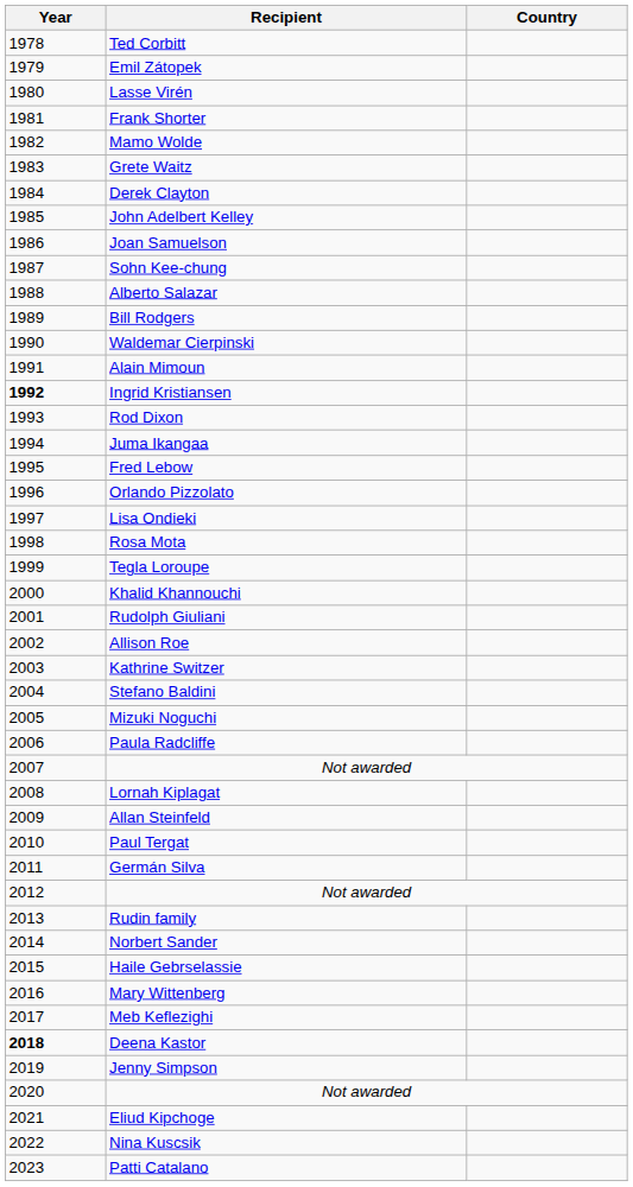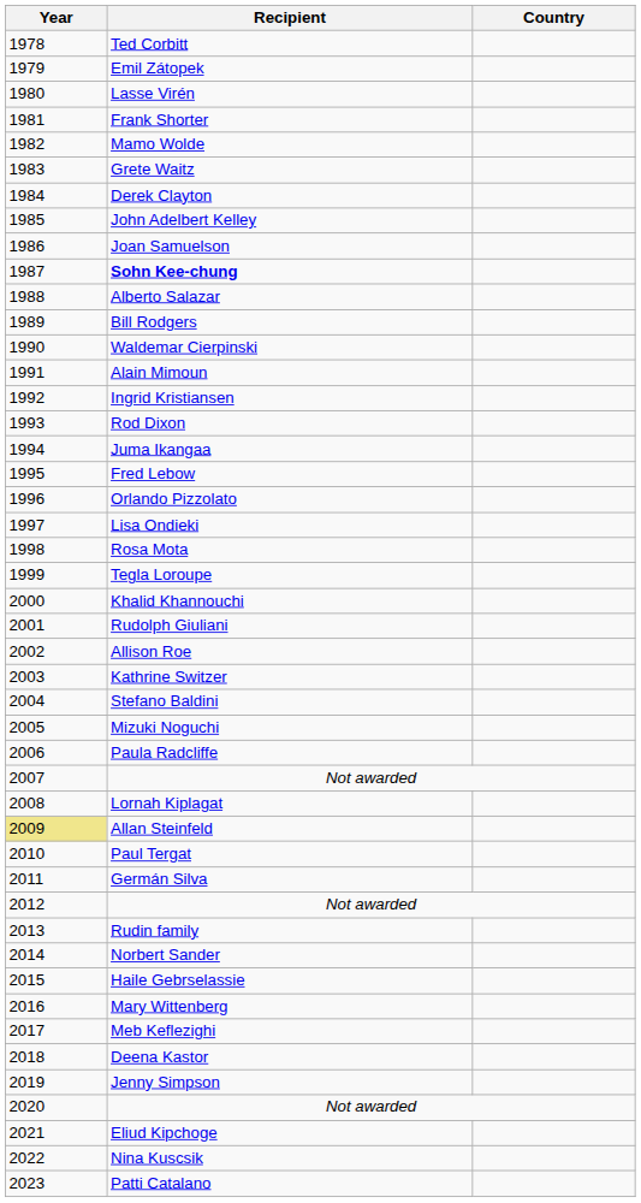 <table class="wikitable" width=50%>
 <tr>
 <th>Year</th>
 <th>Recipient</th>
 <th>Country</th>
 </tr>
 <tr>
 <td>1978</td>
 <td><a href='#'>Ted Corbitt</a></td>
 <td></td>
 </tr>
 <tr>
 <td>1979</td>
 <td><a href='#'>Emil Zátopek</a></td>
 <td></td>
 </tr>
 <tr>
 <td>1980</td>
 <td><a href='#'>Lasse Virén</a></td>
 <td></td>
 </tr>
 <tr>
 <td>1981</td>
 <td><a href='#'>Frank Shorter</a></td>
 <td></td>
 </tr>
 <tr>
 <td>1982</td>
 <td><a href='#'>Mamo Wolde</a></td>
 <td></td>
 </tr>
 <tr>
 <td>1983</td>
 <td><a href='#'>Grete Waitz</a></td>
 <td></td>
 </tr>
 <tr>
 <td>1984</td>
 <td><a href='#'>Derek Clayton</a></td>
 <td></td>
 </tr>
 <tr>
 <td>1985</td>
 <td><a href='#'>John Adelbert Kelley</a></td>
 <td></td>
 </tr>
 <tr>
 <td>1986</td>
 <td><a href='#'>Joan Samuelson</a></td>
 <td></td>
 </tr>
 <tr>
 <td>1987</td>
-<td><a href='#'>Sohn Kee-chung</a></td>
+<td><strong><a href='#'>Sohn Kee-chung</a></strong></td>
 <td></td>
 </tr>
 <tr>
 <td>1988</td>
 <td><a href='#'>Alberto Salazar</a></td>
 <td></td>
 </tr>
 <tr>
 <td>1989</td>
 <td><a href='#'>Bill Rodgers</a></td>
 <td></td>
 </tr>
 <tr>
 <td>1990</td>
 <td><a href='#'>Waldemar Cierpinski</a></td>
 <td></td>
 </tr>
 <tr>
 <td>1991</td>
 <td><a href='#'>Alain Mimoun</a></td>
 <td></td>
 </tr>
 <tr>
-<td><strong>1992</strong></td>
+<td>1992</td>
 <td><a href='#'>Ingrid Kristiansen</a></td>
 <td></td>
 </tr>
 <tr>
 <td>1993</td>
 <td><a href='#'>Rod Dixon</a></td>
 <td></td>
 </tr>
 <tr>
 <td>1994</td>
 <td><a href='#'>Juma Ikangaa</a></td>
 <td></td>
 </tr>
 <tr>
 <td>1995</td>
 <td><a href='#'>Fred Lebow</a></td>
 <td></td>
 </tr>
 <tr>
 <td>1996</td>
 <td><a href='#'>Orlando Pizzolato</a></td>
 <td></td>
 </tr>
 <tr>
 <td>1997</td>
 <td><a href='#'>Lisa Ondieki</a></td>
 <td></td>
 </tr>
 <tr>
 <td>1998</td>
 <td><a href='#'>Rosa Mota</a></td>
 <td></td>
 </tr>
 <tr>
 <td>1999</td>
 <td><a href='#'>Tegla Loroupe</a></td>
 <td></td>
 </tr>
 <tr>
 <td>2000</td>
 <td><a href='#'>Khalid Khannouchi</a></td>
 <td></td>
 </tr>
 <tr>
 <td>2001</td>
 <td><a href='#'>Rudolph Giuliani</a></td>
 <td></td>
 </tr>
 <tr>
 <td>2002</td>
 <td><a href='#'>Allison Roe</a></td>
 <td></td>
 </tr>
 <tr>
 <td>2003</td>
 <td><a href='#'>Kathrine Switzer</a></td>
 <td></td>
 </tr>
 <tr>
 <td>2004</td>
 <td><a href='#'>Stefano Baldini</a></td>
 <td></td>
 </tr>
 <tr>
 <td>2005</td>
 <td><a href='#'>Mizuki Noguchi</a></td>
 <td></td>
 </tr>
 <tr>
 <td>2006</td>
 <td><a href='#'>Paula Radcliffe</a></td>
 <td></td>
 </tr>
 <tr>
 <td>2007</td>
 <td colspan=2 align=center><em>Not awarded</em></td>
 </tr>
 <tr>
 <td>2008</td>
 <td><a href='#'>Lornah Kiplagat</a></td>
 <td></td>
 </tr>
 <tr>
-<td>2009</td>
+<td style="background: khaki;">2009</td>
 <td><a href='#'>Allan Steinfeld</a></td>
 <td></td>
 </tr>
 <tr>
 <td>2010</td>
 <td><a href='#'>Paul Tergat</a></td>
 <td></td>
 </tr>
 <tr>
 <td>2011</td>
 <td><a href='#'>Germán Silva</a></td>
 <td></td>
 </tr>
 <tr>
 <td>2012</td>
 <td colspan=2 align=center><em>Not awarded</em></td>
 </tr>
 <tr>
 <td>2013</td>
 <td><a href='#'>Rudin family</a></td>
 <td></td>
 </tr>
 <tr>
 <td>2014</td>
 <td><a href='#'>Norbert Sander</a></td>
 <td></td>
 </tr>
 <tr>
 <td>2015</td>
 <td><a href='#'>Haile Gebrselassie</a></td>
 <td></td>
 </tr>
 <tr>
 <td>2016</td>
 <td><a href='#'>Mary Wittenberg</a></td>
 <td></td>
 </tr>
 <tr>
 <td>2017</td>
 <td><a href='#'>Meb Keflezighi</a></td>
 <td></td>
 </tr>
 <tr>
-<td><strong>2018</strong></td>
+<td>2018</td>
 <td><a href='#'>Deena Kastor</a></td>
 <td></td>
 </tr>
 <tr>
 <td>2019</td>
 <td><a href='#'>Jenny Simpson</a></td>
 <td></td>
 </tr>
 <tr>
 <td>2020</td>
 <td colspan=2 align=center><em>Not awarded</em></td>
 </tr>
 <tr>
 <td>2021</td>
 <td><a href='#'>Eliud Kipchoge</a></td>
 <td></td>
 </tr>
 <tr>
 <td>2022</td>
 <td><a href='#'>Nina Kuscsik</a></td>
 <td></td>
 </tr>
 <tr>
 <td>2023</td>
 <td><a href='#'>Patti Catalano</a></td>
 <td></td>
 </tr>
 </table>
